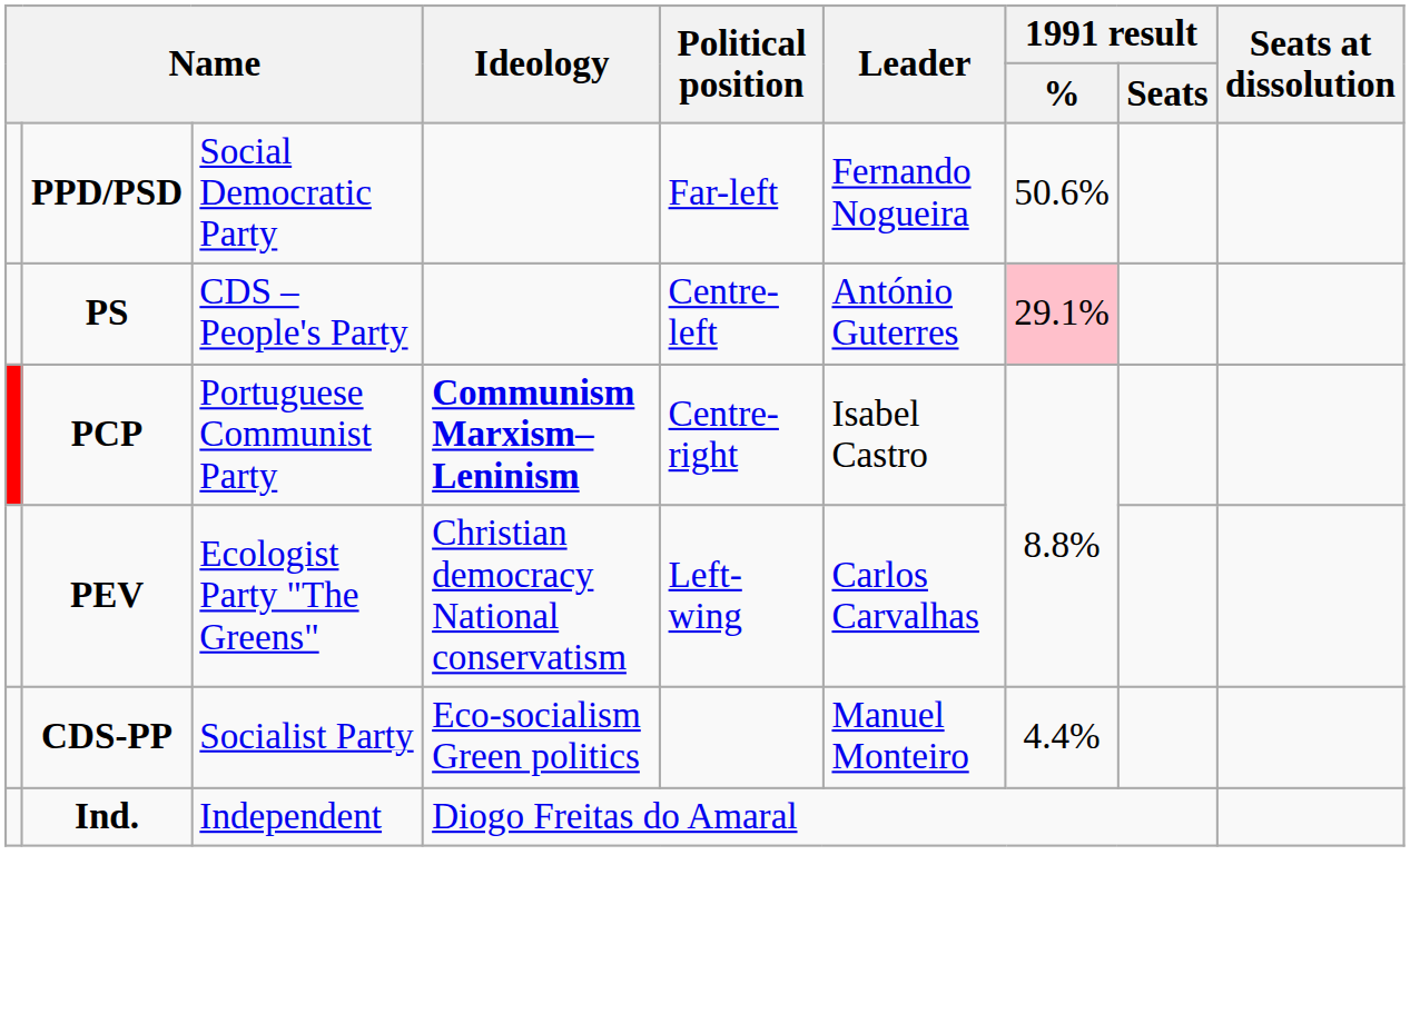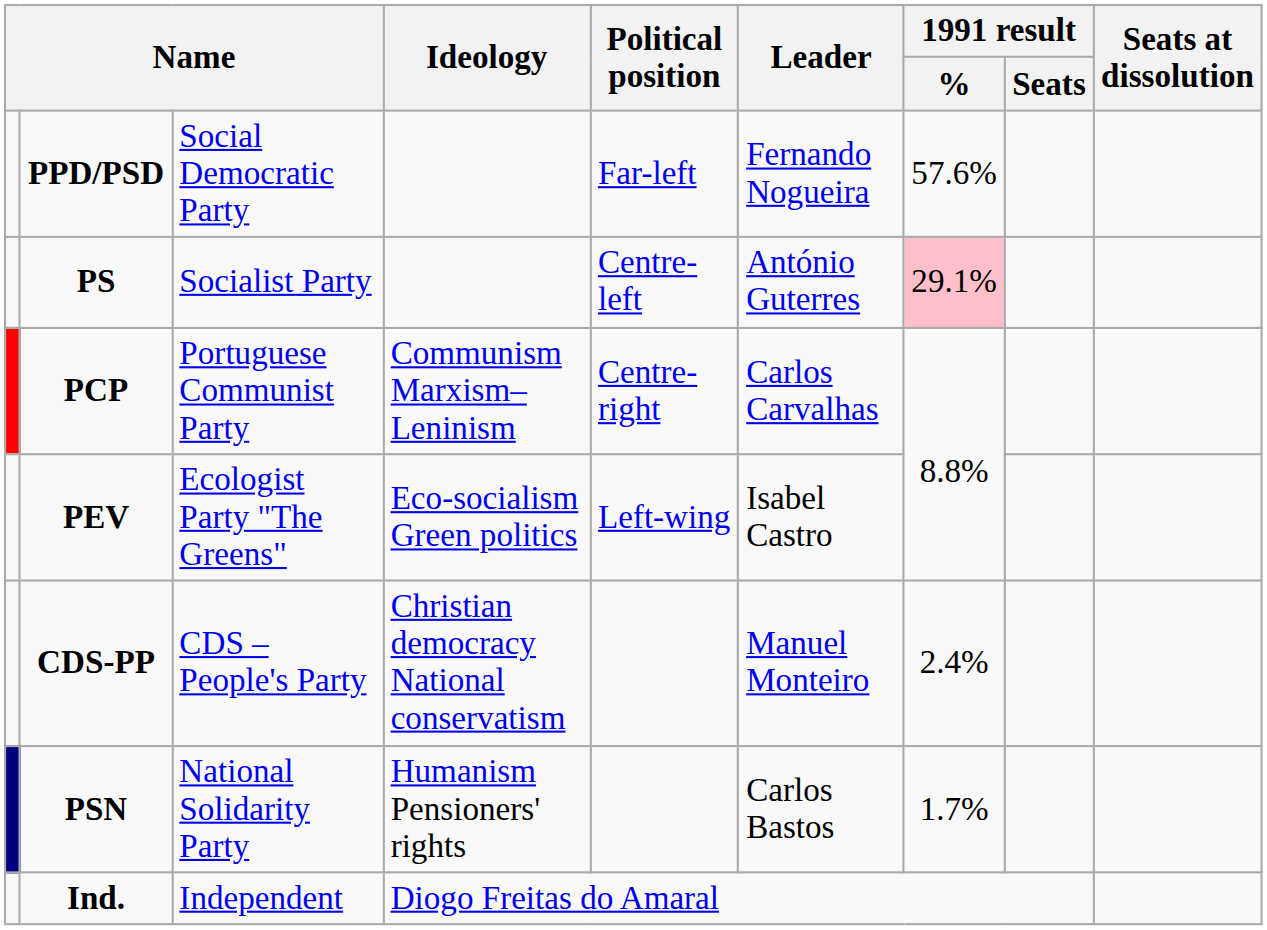 <table class="wikitable">
 <tr>
 <th rowspan="2" colspan="3">Name</th>
 <th rowspan="2">Ideology</th>
 <th rowspan="2">Political position</th>
 <th rowspan="2">Leader</th>
 <th colspan="2">1991 result</th>
 <th rowspan="2">Seats at<br>dissolution</th>
 </tr>
 <tr>
 <th>%</th>
 <th>Seats</th>
 </tr>
 <tr>
 <td style="color:inherit;background:"></td>
 <td style="text-align:center;"><strong>PPD/PSD</strong></td>
 <td><a href='#'>Social Democratic Party</a><br></td>
 <td></td>
 <td><a href='#'>Far-left</a></td>
 <td><a href='#'>Fernando Nogueira</a></td>
-<td style="text-align:center;">50.6%</td>
+<td style="text-align:center;">57.6%</td>
 <td></td>
 <td></td>
 </tr>
 <tr>
 <td style="color:inherit;background:"></td>
 <td style="text-align:center;"><strong>PS</strong></td>
-<td><a href='#'>CDS – People's Party</a><br></td>
+<td><a href='#'>Socialist Party</a><br></td>
 <td></td>
 <td><a href='#'>Centre-left</a></td>
 <td><a href='#'>António Guterres</a></td>
 <td style="background: pink; text-align:center;">29.1%</td>
 <td></td>
 <td></td>
 </tr>
 <tr>
 <td style="background:#f00;"></td>
 <td style="text-align:center;"><strong>PCP</strong></td>
 <td><a href='#'>Portuguese Communist Party</a><br></td>
-<td><strong><a href='#'>Communism</a><br><a href='#'>Marxism–Leninism</a></strong></td>
+<td><a href='#'>Communism</a><br><a href='#'>Marxism–Leninism</a></td>
 <td><a href='#'>Centre-right</a></td>
-<td>Isabel Castro</td>
+<td><a href='#'>Carlos Carvalhas</a></td>
 <td rowspan="2" style="text-align:center;"><br>8.8%<br></td>
 <td></td>
 <td></td>
 </tr>
 <tr>
 <td style="color:inherit;background:"></td>
 <td style="text-align:center;"><strong>PEV</strong></td>
 <td><a href='#'>Ecologist Party "The Greens"</a><br></td>
-<td><a href='#'>Christian democracy</a><br><a href='#'>National conservatism</a></td>
+<td><a href='#'>Eco-socialism</a><br><a href='#'>Green politics</a></td>
 <td><a href='#'>Left-wing</a></td>
-<td><a href='#'>Carlos Carvalhas</a></td>
+<td>Isabel Castro</td>
 <td></td>
 <td></td>
 </tr>
 <tr>
 <td style="color:inherit;background:"></td>
 <td style="text-align:center;"><strong>CDS-PP</strong></td>
-<td><a href='#'>Socialist Party</a><br></td>
-<td><a href='#'>Eco-socialism</a><br><a href='#'>Green politics</a></td>
+<td><a href='#'>CDS – People's Party</a><br></td>
+<td><a href='#'>Christian democracy</a><br><a href='#'>National conservatism</a></td>
 <td></td>
 <td><a href='#'>Manuel Monteiro</a></td>
-<td style="text-align:center;">4.4%</td>
+<td style="text-align:center;">2.4%</td>
+<td></td>
+<td></td>
+</tr>
+<tr>
+<td style="background:#000080;"></td>
+<td style="text-align:center;"><strong>PSN</strong></td>
+<td><a href='#'>National Solidarity Party</a><br></td>
+<td><a href='#'>Humanism</a><br>Pensioners' rights</td>
+<td></td>
+<td>Carlos Bastos</td>
+<td style="text-align:center;">1.7%</td>
 <td></td>
 <td></td>
 </tr>
 <tr>
 <td style="color:inherit;background:"></td>
 <td style="text-align:center;"><strong>Ind.</strong></td>
 <td><a href='#'>Independent</a><br></td>
 <td colspan="5"><a href='#'>Diogo Freitas do Amaral</a> </td>
 <td></td>
 </tr>
 </table>
